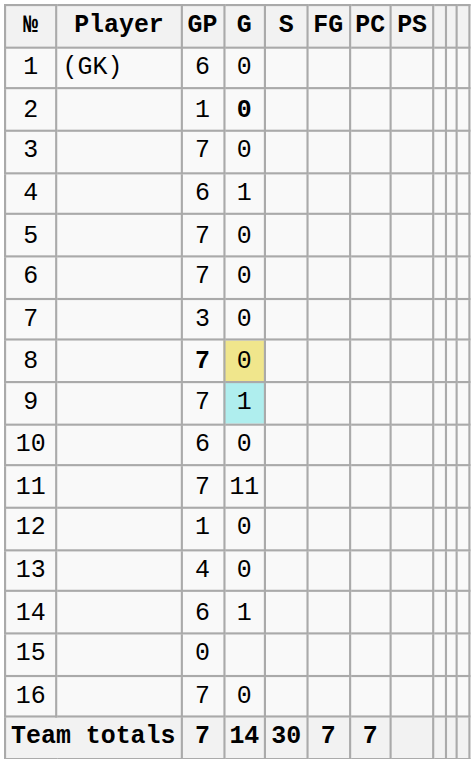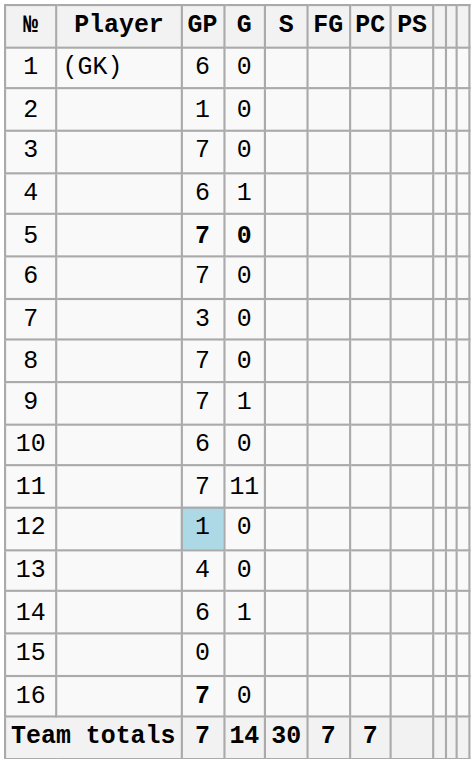 <table class="wikitable sortable" style="font-size:90%; text-align:center;">
 <tr>
 <th>№</th>
 <th>Player</th>
 <th>GP</th>
 <th>G</th>
 <th>S</th>
 <th>FG</th>
 <th>PC</th>
 <th>PS</th>
 <th></th>
 <th></th>
 <th></th>
 </tr>
 <tr>
 <td>1</td>
 <td align=left> (GK)</td>
 <td>6</td>
 <td>0</td>
 <td></td>
 <td></td>
 <td></td>
 <td></td>
 <td></td>
 <td></td>
 <td></td>
 </tr>
 <tr>
 <td>2</td>
 <td align=left></td>
 <td>1</td>
-<td><strong>0</strong></td>
+<td>0</td>
 <td></td>
 <td></td>
 <td></td>
 <td></td>
 <td></td>
 <td></td>
 <td></td>
 </tr>
 <tr>
 <td>3</td>
 <td align=left></td>
 <td>7</td>
 <td>0</td>
 <td></td>
 <td></td>
 <td></td>
 <td></td>
 <td></td>
 <td></td>
 <td></td>
 </tr>
 <tr>
 <td>4</td>
 <td align=left></td>
 <td>6</td>
 <td>1</td>
 <td></td>
 <td></td>
 <td></td>
 <td></td>
 <td></td>
 <td></td>
 <td></td>
 </tr>
 <tr>
 <td>5</td>
 <td align=left></td>
-<td>7</td>
-<td>0</td>
+<td><strong>7</strong></td>
+<td><strong>0</strong></td>
 <td></td>
 <td></td>
 <td></td>
 <td></td>
 <td></td>
 <td></td>
 <td></td>
 </tr>
 <tr>
 <td>6</td>
 <td align=left></td>
 <td>7</td>
 <td>0</td>
 <td></td>
 <td></td>
 <td></td>
 <td></td>
 <td></td>
 <td></td>
 <td></td>
 </tr>
 <tr>
 <td>7</td>
 <td align=left></td>
 <td>3</td>
 <td>0</td>
 <td></td>
 <td></td>
 <td></td>
 <td></td>
 <td></td>
 <td></td>
 <td></td>
 </tr>
 <tr>
 <td>8</td>
 <td align=left></td>
-<td><strong>7</strong></td>
-<td style="background: khaki;">0</td>
+<td>7</td>
+<td>0</td>
 <td></td>
 <td></td>
 <td></td>
 <td></td>
 <td></td>
 <td></td>
 <td></td>
 </tr>
 <tr>
 <td>9</td>
 <td align=left></td>
 <td>7</td>
-<td style="background: paleturquoise;">1</td>
+<td>1</td>
 <td></td>
 <td></td>
 <td></td>
 <td></td>
 <td></td>
 <td></td>
 <td></td>
 </tr>
 <tr>
 <td>10</td>
 <td align=left></td>
 <td>6</td>
 <td>0</td>
 <td></td>
 <td></td>
 <td></td>
 <td></td>
 <td></td>
 <td></td>
 <td></td>
 </tr>
 <tr>
 <td>11</td>
 <td align=left></td>
 <td>7</td>
 <td>11</td>
 <td></td>
 <td></td>
 <td></td>
 <td></td>
 <td></td>
 <td></td>
 <td></td>
 </tr>
 <tr>
 <td>12</td>
 <td align=left></td>
-<td>1</td>
+<td style="background: lightblue;">1</td>
 <td>0</td>
 <td></td>
 <td></td>
 <td></td>
 <td></td>
 <td></td>
 <td></td>
 <td></td>
 </tr>
 <tr>
 <td>13</td>
 <td align=left></td>
 <td>4</td>
 <td>0</td>
 <td></td>
 <td></td>
 <td></td>
 <td></td>
 <td></td>
 <td></td>
 <td></td>
 </tr>
 <tr>
 <td>14</td>
 <td align=left></td>
 <td>6</td>
 <td>1</td>
 <td></td>
 <td></td>
 <td></td>
 <td></td>
 <td></td>
 <td></td>
 <td></td>
 </tr>
 <tr>
 <td>15</td>
 <td align=left></td>
 <td>0</td>
 <td></td>
 <td></td>
 <td></td>
 <td></td>
 <td></td>
 <td></td>
 <td></td>
 <td></td>
 </tr>
 <tr>
 <td>16</td>
 <td align=left></td>
-<td>7</td>
+<td><strong>7</strong></td>
 <td>0</td>
 <td></td>
 <td></td>
 <td></td>
 <td></td>
 <td></td>
 <td></td>
 <td></td>
 </tr>
 <tr class="sortbottom">
 <th colspan=2>Team totals</th>
 <th>7</th>
 <th>14</th>
 <th>30</th>
 <th>7</th>
 <th>7</th>
 <th></th>
 <th></th>
 <th></th>
 <th></th>
 </tr>
 </table>
